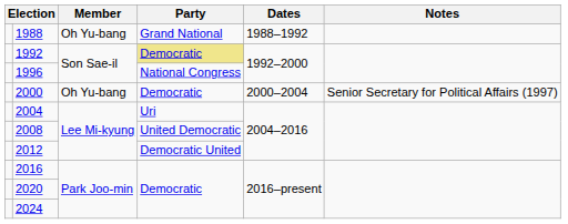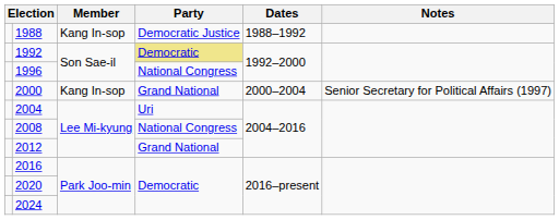 <table class="wikitable">
 <tr>
 <th colspan="2">Election</th>
 <th>Member</th>
 <th>Party</th>
 <th>Dates</th>
 <th>Notes</th>
 </tr>
 <tr>
 <td></td>
 <td><a href='#'>1988</a></td>
-<td>Oh Yu-bang</td>
-<td><a href='#'>Grand National</a></td>
+<td>Kang In-sop</td>
+<td><a href='#'>Democratic Justice</a></td>
 <td>1988–1992</td>
 <td></td>
 </tr>
 <tr>
 <td></td>
 <td><a href='#'>1992</a></td>
 <td rowspan="2">Son Sae-il</td>
 <td style="background: khaki;"><a href='#'>Democratic</a></td>
 <td rowspan="2">1992–2000</td>
 <td rowspan="2"></td>
 </tr>
 <tr>
 <td></td>
 <td><a href='#'>1996</a></td>
 <td><a href='#'>National Congress</a></td>
 </tr>
 <tr>
 <td></td>
 <td><a href='#'>2000</a></td>
-<td>Oh Yu-bang</td>
-<td><a href='#'>Democratic</a></td>
+<td>Kang In-sop</td>
+<td><a href='#'>Grand National</a></td>
 <td>2000–2004</td>
 <td>Senior Secretary for Political Affairs (1997)</td>
 </tr>
 <tr>
 <td></td>
 <td><a href='#'>2004</a></td>
 <td rowspan="3"><a href='#'>Lee Mi-kyung</a></td>
 <td><a href='#'>Uri</a></td>
 <td rowspan="3">2004–2016</td>
 <td rowspan="3"></td>
 </tr>
 <tr>
 <td></td>
 <td><a href='#'>2008</a></td>
-<td><a href='#'>United Democratic</a></td>
+<td><a href='#'>National Congress</a></td>
 </tr>
 <tr>
 <td></td>
 <td><a href='#'>2012</a></td>
-<td><a href='#'>Democratic United</a></td>
+<td><a href='#'>Grand National</a></td>
 </tr>
 <tr>
 <td></td>
 <td><a href='#'>2016</a></td>
 <td rowspan="3"><a href='#'>Park Joo-min</a></td>
 <td rowspan="3"><a href='#'>Democratic</a></td>
 <td rowspan="3">2016–present</td>
 <td rowspan="3"></td>
 </tr>
 <tr>
 <td></td>
 <td><a href='#'>2020</a></td>
 </tr>
 <tr>
 <td></td>
 <td><a href='#'>2024</a></td>
 </tr>
 </table>
